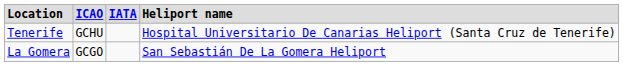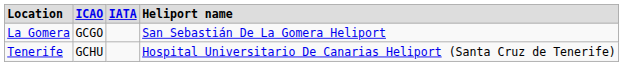 <table class="wikitable sortable">
 <tr style="vertical-align:baseline; font-weight:bold; background:#ddd;">
 <td>Location</td>
 <td><a href='#'>ICAO</a></td>
 <td><a href='#'>IATA</a></td>
 <td>Heliport name</td>
 </tr>
 <tr valign=top>
+<td><a href='#'>La Gomera</a></td>
+<td>GCGO</td>
+<td></td>
+<td><a href='#'>San Sebastián De La Gomera Heliport</a></td>
+</tr>
+<tr valign=top>
 <td><a href='#'>Tenerife</a></td>
 <td>GCHU</td>
 <td></td>
 <td><a href='#'>Hospital Universitario De Canarias Heliport</a> (Santa Cruz de Tenerife) </td>
 </tr>
-<tr valign=top>
-<td><a href='#'>La Gomera</a></td>
-<td>GCGO</td>
-<td></td>
-<td><a href='#'>San Sebastián De La Gomera Heliport</a></td>
-</tr>
 </table>
